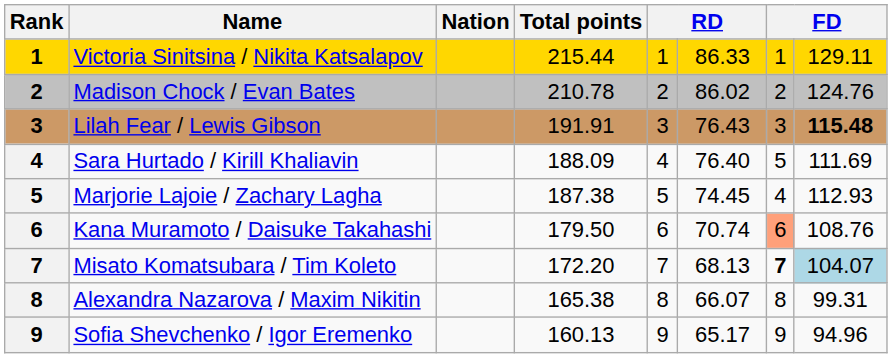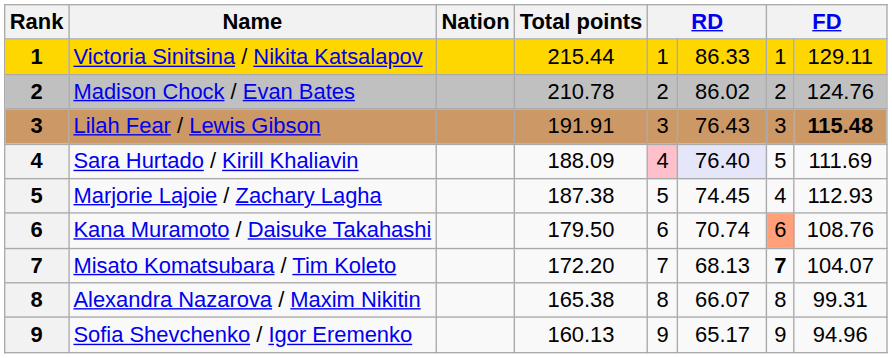 <table class="wikitable sortable">
 <tr>
 <th>Rank</th>
 <th>Name</th>
 <th>Nation</th>
 <th>Total points</th>
 <th colspan="2" width="80px"><a href='#'>RD</a></th>
 <th colspan="2" width="80px"><a href='#'>FD</a></th>
 </tr>
 <tr bgcolor="gold">
 <td align="center"><strong>1</strong></td>
 <td><a href='#'>Victoria Sinitsina</a> / <a href='#'>Nikita Katsalapov</a></td>
 <td></td>
 <td align="center">215.44</td>
 <td align="center">1</td>
 <td align="center">86.33</td>
 <td align="center">1</td>
 <td align="center">129.11</td>
 </tr>
 <tr bgcolor="silver">
 <td align="center"><strong>2</strong></td>
 <td><a href='#'>Madison Chock</a> / <a href='#'>Evan Bates</a></td>
 <td></td>
 <td align="center">210.78</td>
 <td align="center">2</td>
 <td align="center">86.02</td>
 <td align="center">2</td>
 <td align="center">124.76</td>
 </tr>
 <tr bgcolor="cc9966">
 <td align="center"><strong>3</strong></td>
 <td><a href='#'>Lilah Fear</a> / <a href='#'>Lewis Gibson</a></td>
 <td></td>
 <td align="center">191.91</td>
 <td align="center">3</td>
 <td align="center">76.43</td>
 <td align="center">3</td>
 <td align="center"><strong>115.48</strong></td>
 </tr>
 <tr>
 <th>4</th>
 <td><a href='#'>Sara Hurtado</a> / <a href='#'>Kirill Khaliavin</a></td>
 <td></td>
 <td align="center">188.09</td>
-<td align="center">4</td>
-<td align="center">76.40</td>
+<td align="center" style="background: pink;">4</td>
+<td align="center" style="background: lavender;">76.40</td>
 <td align="center">5</td>
 <td align="center">111.69</td>
 </tr>
 <tr>
 <th>5</th>
 <td><a href='#'>Marjorie Lajoie</a> / <a href='#'>Zachary Lagha</a></td>
 <td></td>
 <td align="center">187.38</td>
 <td align="center">5</td>
 <td align="center">74.45</td>
 <td align="center">4</td>
 <td align="center">112.93</td>
 </tr>
 <tr>
 <th>6</th>
 <td><a href='#'>Kana Muramoto</a> / <a href='#'>Daisuke Takahashi</a></td>
 <td></td>
 <td align="center">179.50</td>
 <td align="center">6</td>
 <td align="center">70.74</td>
 <td align="center" style="background: lightsalmon;">6</td>
 <td align="center">108.76</td>
 </tr>
 <tr>
 <th>7</th>
 <td><a href='#'>Misato Komatsubara</a> / <a href='#'>Tim Koleto</a></td>
 <td></td>
 <td align="center">172.20</td>
 <td align="center">7</td>
 <td align="center">68.13</td>
 <td align="center"><strong>7</strong></td>
-<td align="center" style="background: lightblue;">104.07</td>
+<td align="center">104.07</td>
 </tr>
 <tr>
 <th>8</th>
 <td><a href='#'>Alexandra Nazarova</a> / <a href='#'>Maxim Nikitin</a></td>
 <td></td>
 <td align="center">165.38</td>
 <td align="center">8</td>
 <td align="center">66.07</td>
 <td align="center">8</td>
 <td align="center">99.31</td>
 </tr>
 <tr>
 <th>9</th>
 <td><a href='#'>Sofia Shevchenko</a> / <a href='#'>Igor Eremenko</a></td>
 <td></td>
 <td align="center">160.13</td>
 <td align="center">9</td>
 <td align="center">65.17</td>
 <td align="center">9</td>
 <td align="center">94.96</td>
 </tr>
 </table>
